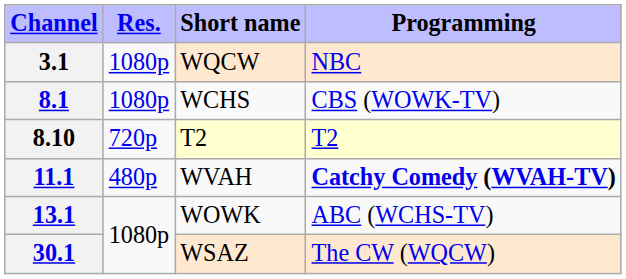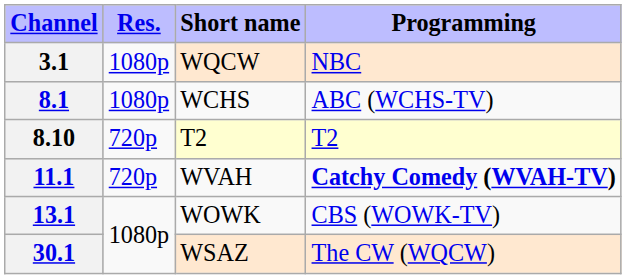 <table class="wikitable">
 <tr>
 <th style="background-color: #bdbdff" scope = "col"><a href='#'>Channel</a></th>
 <th style="background-color: #bdbdff" scope = "col"><a href='#'>Res.</a></th>
 <th style="background-color: #bdbdff" scope = "col">Short name</th>
 <th style="background-color: #bdbdff" scope = "col">Programming</th>
 </tr>
 <tr>
 <th scope = "row">3.1</th>
 <td><a href='#'>1080p</a></td>
 <td style="background-color:#ffe8d0">WQCW</td>
 <td style="background-color:#ffe8d0"><a href='#'>NBC</a> </td>
 </tr>
 <tr>
 <th scope = "row"><a href='#'>8.1</a></th>
 <td><a href='#'>1080p</a></td>
 <td>WCHS</td>
-<td><a href='#'>CBS</a> (<a href='#'>WOWK-TV</a>)</td>
+<td><a href='#'>ABC</a> (<a href='#'>WCHS-TV</a>)</td>
 </tr>
 <tr>
 <th scope = "row">8.10</th>
 <td><a href='#'>720p</a></td>
 <td style="background-color:#ffffd0">T2</td>
 <td style="background-color:#ffffd0"><a href='#'>T2</a></td>
 </tr>
 <tr>
 <th scope = "row"><a href='#'>11.1</a></th>
-<td><a href='#'>480p</a></td>
+<td><a href='#'>720p</a></td>
 <td>WVAH</td>
 <td><strong><a href='#'>Catchy Comedy</a> (<a href='#'>WVAH-TV</a>)</strong></td>
 </tr>
 <tr>
 <th scope = "row"><a href='#'>13.1</a></th>
 <td rowspan=2>1080p</td>
 <td>WOWK</td>
-<td><a href='#'>ABC</a> (<a href='#'>WCHS-TV</a>)</td>
+<td><a href='#'>CBS</a> (<a href='#'>WOWK-TV</a>)</td>
 </tr>
 <tr>
 <th scope = "row"><a href='#'>30.1</a></th>
 <td style="background-color:#ffe8d0">WSAZ</td>
 <td style="background-color:#ffe8d0"><a href='#'>The CW</a> (<a href='#'>WQCW</a>) </td>
 </tr>
 </table>
